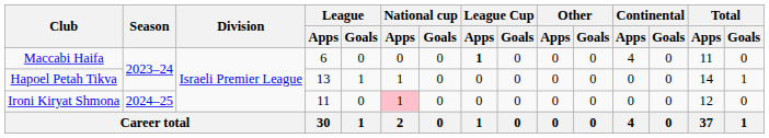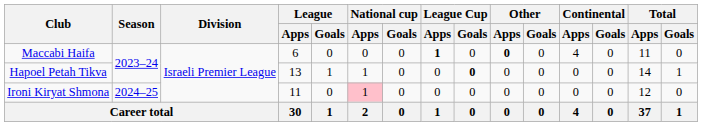 <table class="wikitable" style="text-align: center">
 <tr>
 <th rowspan="2">Club</th>
 <th rowspan="2">Season</th>
 <th rowspan="2">Division</th>
 <th colspan="2">League</th>
 <th colspan="2">National cup</th>
 <th colspan="2">League Cup</th>
 <th colspan="2">Other</th>
 <th colspan="2">Continental</th>
 <th colspan="2">Total</th>
 </tr>
 <tr>
 <th>Apps</th>
 <th>Goals</th>
 <th>Apps</th>
 <th>Goals</th>
 <th>Apps</th>
 <th>Goals</th>
 <th>Apps</th>
 <th>Goals</th>
 <th>Apps</th>
 <th>Goals</th>
 <th>Apps</th>
 <th>Goals</th>
 </tr>
 <tr>
 <td><a href='#'>Maccabi Haifa</a></td>
 <td rowspan="2"><a href='#'>2023–24</a></td>
 <td rowspan="3"><a href='#'>Israeli Premier League</a></td>
 <td>6</td>
 <td>0</td>
 <td>0</td>
 <td>0</td>
 <td><strong>1</strong></td>
 <td>0</td>
-<td>0</td>
+<td><strong>0</strong></td>
 <td>0</td>
 <td>4</td>
 <td>0</td>
 <td>11</td>
 <td>0</td>
 </tr>
 <tr>
 <td><a href='#'>Hapoel Petah Tikva</a></td>
 <td>13</td>
 <td>1</td>
 <td>1</td>
 <td>0</td>
 <td>0</td>
-<td>0</td>
+<td><strong>0</strong></td>
 <td>0</td>
 <td>0</td>
 <td>0</td>
 <td>0</td>
 <td>14</td>
 <td>1</td>
 </tr>
 <tr>
 <td><a href='#'>Ironi Kiryat Shmona</a></td>
 <td rowspan="1"><a href='#'>2024–25</a></td>
 <td>11</td>
 <td>0</td>
 <td style="background: pink;">1</td>
 <td>0</td>
 <td>0</td>
 <td>0</td>
 <td>0</td>
 <td>0</td>
 <td>0</td>
 <td>0</td>
 <td>12</td>
 <td>0</td>
 </tr>
 <tr>
 <th colspan="3">Career total</th>
 <th>30</th>
 <th>1</th>
 <th>2</th>
 <th>0</th>
 <th>1</th>
 <th>0</th>
 <th>0</th>
 <th>0</th>
 <th>4</th>
 <th>0</th>
 <th>37</th>
 <th>1</th>
 </tr>
 </table>
